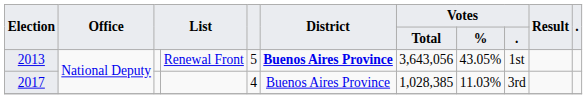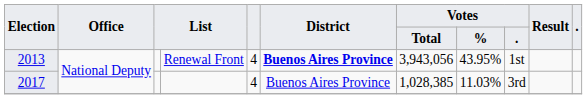 <table class="wikitable" style="font-size:90%; text-align:center;">
 <tr>
 <th style="background-color:#EAECF0;" rowspan=2>Election</th>
 <th style="background-color:#EAECF0;" rowspan=2>Office</th>
 <th style="background-color:#EAECF0;" colspan=2 rowspan=2>List</th>
 <th style="background-color:#EAECF0;" rowspan=2></th>
 <th style="background-color:#EAECF0;" rowspan=2>District</th>
 <th style="background-color:#EAECF0;" colspan=3>Votes</th>
 <th style="background-color:#EAECF0;" rowspan=2>Result</th>
 <th style="background-color:#EAECF0;" rowspan=2>.</th>
 </tr>
 <tr>
 <th style="background-color:#EAECF0;">Total</th>
 <th style="background-color:#EAECF0;">%</th>
 <th style="background-color:#EAECF0;">.</th>
 </tr>
 <tr>
 <td style="background-color:#EAECF0;"><a href='#'>2013</a></td>
 <td rowspan=2><a href='#'>National Deputy</a></td>
 <td style="background-color:"></td>
 <td><a href='#'>Renewal Front</a></td>
-<td>5</td>
+<td>4</td>
 <td><strong><a href='#'>Buenos Aires Province</a></strong></td>
-<td>3,643,056</td>
-<td>43.05%</td>
+<td>3,943,056</td>
+<td>43.95%</td>
 <td>1st</td>
 <td></td>
 <td></td>
 </tr>
 <tr>
 <td style="background-color:#EAECF0;"><a href='#'>2017</a></td>
 <td style="background-color:"></td>
 <td></td>
 <td>4</td>
 <td><a href='#'>Buenos Aires Province</a></td>
 <td>1,028,385</td>
 <td>11.03%</td>
 <td>3rd</td>
 <td></td>
 <td></td>
 </tr>
 <tr>
 </tr>
 </table>
